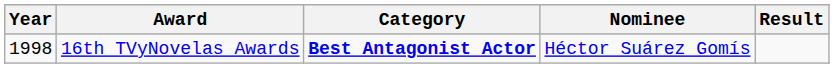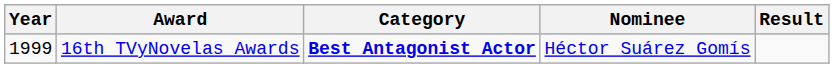 <table class="wikitable">
 <tr style="background:#b0c4de;">
 <th>Year</th>
 <th>Award</th>
 <th>Category</th>
 <th>Nominee</th>
 <th>Result</th>
 </tr>
 <tr>
-<td>1998</td>
+<td>1999</td>
 <td><a href='#'>16th TVyNovelas Awards</a></td>
 <td><strong><a href='#'>Best Antagonist Actor</a></strong></td>
 <td><a href='#'>Héctor Suárez Gomís</a></td>
 <td></td>
 </tr>
 </table>
